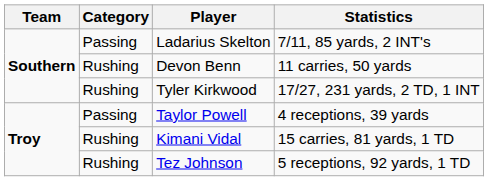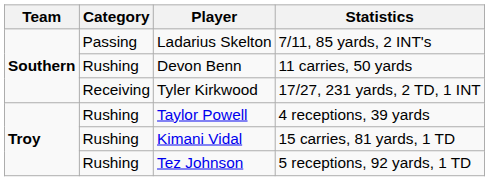 <table class="wikitable" style="float: left;">
 <tr>
 <th>Team</th>
 <th>Category</th>
 <th>Player</th>
 <th>Statistics</th>
 </tr>
 <tr>
 <td rowspan=3><strong>Southern</strong></td>
 <td>Passing</td>
 <td>Ladarius Skelton</td>
 <td>7/11, 85 yards, 2 INT's</td>
 </tr>
 <tr>
 <td>Rushing</td>
 <td>Devon Benn</td>
 <td>11 carries, 50 yards</td>
 </tr>
 <tr>
-<td>Rushing</td>
+<td>Receiving</td>
 <td>Tyler Kirkwood</td>
 <td>17/27, 231 yards, 2 TD, 1 INT</td>
 </tr>
 <tr>
 <td rowspan=3><strong>Troy</strong></td>
-<td>Passing</td>
+<td>Rushing</td>
 <td><a href='#'>Taylor Powell</a></td>
 <td>4 receptions, 39 yards</td>
 </tr>
 <tr>
 <td>Rushing</td>
 <td><a href='#'>Kimani Vidal</a></td>
 <td>15 carries, 81 yards, 1 TD</td>
 </tr>
 <tr>
 <td>Rushing</td>
 <td><a href='#'>Tez Johnson</a></td>
 <td>5 receptions, 92 yards, 1 TD</td>
 </tr>
 </table>
